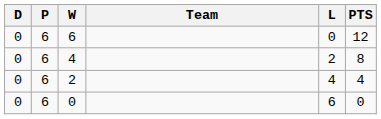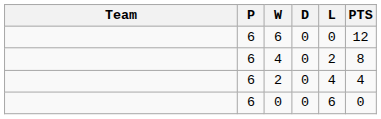 <table class=wikitable style="text-align:center">
 <tr>
-<th width=20>D</th>
+<th width=220>Team</th>
 <th width=20>P</th>
 <th width=20>W</th>
-<th width=220>Team</th>
+<th width=20>D</th>
 <th width=20>L</th>
 <th width=20>PTS</th>
 </tr>
 <tr>
-<td>0</td>
+<td style="text-align:left;"></td>
 <td>6</td>
 <td>6</td>
-<td style="text-align:left;"></td>
+<td>0</td>
 <td>0</td>
 <td>12</td>
 </tr>
 <tr>
-<td>0</td>
+<td style="text-align:left;"></td>
 <td>6</td>
 <td>4</td>
-<td style="text-align:left;"></td>
+<td>0</td>
 <td>2</td>
 <td>8</td>
 </tr>
 <tr>
-<td>0</td>
+<td style="text-align:left;"></td>
 <td>6</td>
 <td>2</td>
-<td style="text-align:left;"></td>
+<td>0</td>
 <td>4</td>
 <td>4</td>
 </tr>
 <tr>
-<td>0</td>
+<td style="text-align:left;"></td>
 <td>6</td>
 <td>0</td>
-<td style="text-align:left;"></td>
+<td>0</td>
 <td>6</td>
 <td>0</td>
 </tr>
 </table>
